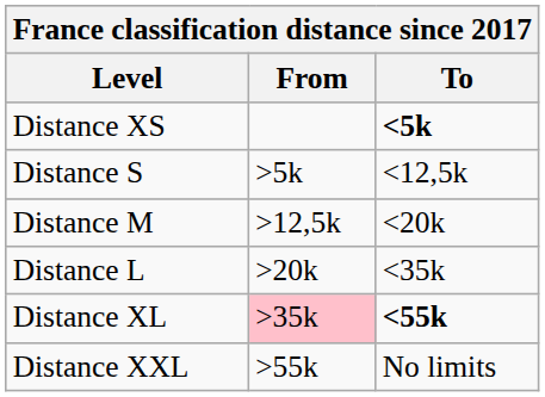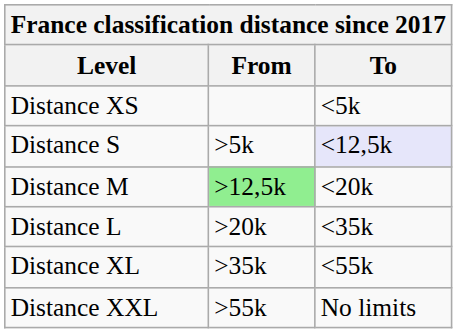 <table class="wikitable">
 <tr>
 <th colspan="4">France classification distance since 2017</th>
 </tr>
 <tr>
 <th>Level</th>
 <th>From</th>
 <th>To</th>
 </tr>
 <tr>
 <td>Distance XS</td>
 <td></td>
-<td><strong><5k</strong></td>
+<td><5k</td>
 </tr>
 <tr>
 <td>Distance S</td>
 <td>>5k</td>
-<td><12,5k</td>
+<td style="background: lavender;"><12,5k</td>
 </tr>
 <tr>
 <td>Distance M</td>
-<td>>12,5k</td>
+<td style="background: lightgreen;">>12,5k</td>
 <td><20k</td>
 </tr>
 <tr>
 <td>Distance L</td>
 <td>>20k</td>
 <td><35k</td>
 </tr>
 <tr>
 <td>Distance XL</td>
-<td style="background: pink;">>35k</td>
-<td><strong><55k</strong></td>
+<td>>35k</td>
+<td><55k</td>
 </tr>
 <tr>
 <td>Distance XXL</td>
 <td>>55k</td>
 <td>No limits</td>
 </tr>
 </table>
